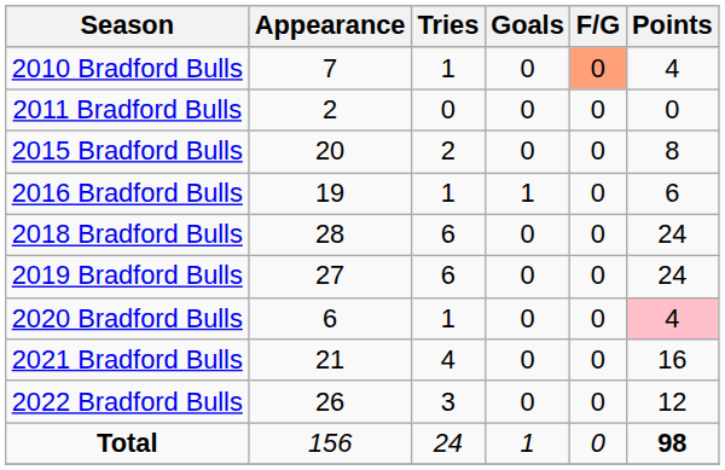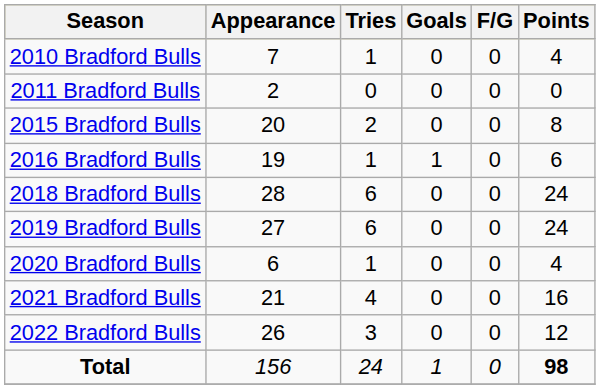 <table class="wikitable" style="text-align:center;">
 <tr bgcolor=#bdb76b>
 <th>Season</th>
 <th>Appearance</th>
 <th>Tries</th>
 <th>Goals</th>
 <th>F/G</th>
 <th>Points</th>
 </tr>
 <tr>
 <td><a href='#'>2010 Bradford Bulls</a></td>
 <td>7</td>
 <td>1</td>
 <td>0</td>
-<td style="background: lightsalmon;">0</td>
+<td>0</td>
 <td>4</td>
 </tr>
 <tr>
 <td><a href='#'>2011 Bradford Bulls</a></td>
 <td>2</td>
 <td>0</td>
 <td>0</td>
 <td>0</td>
 <td>0</td>
 </tr>
 <tr>
 <td><a href='#'>2015 Bradford Bulls</a></td>
 <td>20</td>
 <td>2</td>
 <td>0</td>
 <td>0</td>
 <td>8</td>
 </tr>
 <tr>
 <td><a href='#'>2016 Bradford Bulls</a></td>
 <td>19</td>
 <td>1</td>
 <td>1</td>
 <td>0</td>
 <td>6</td>
 </tr>
 <tr>
 <td><a href='#'>2018 Bradford Bulls</a></td>
 <td>28</td>
 <td>6</td>
 <td>0</td>
 <td>0</td>
 <td>24</td>
 </tr>
 <tr>
 <td><a href='#'>2019 Bradford Bulls</a></td>
 <td>27</td>
 <td>6</td>
 <td>0</td>
 <td>0</td>
 <td>24</td>
 </tr>
 <tr>
 <td><a href='#'>2020 Bradford Bulls</a></td>
 <td>6</td>
 <td>1</td>
 <td>0</td>
 <td>0</td>
-<td style="background: pink;">4</td>
+<td>4</td>
 </tr>
 <tr>
 <td><a href='#'>2021 Bradford Bulls</a></td>
 <td>21</td>
 <td>4</td>
 <td>0</td>
 <td>0</td>
 <td>16</td>
 </tr>
 <tr>
 <td><a href='#'>2022 Bradford Bulls</a></td>
 <td>26</td>
 <td>3</td>
 <td>0</td>
 <td>0</td>
 <td>12</td>
 </tr>
 <tr>
 <td><strong>Total</strong></td>
 <td><em>156</em></td>
 <td><em>24</em></td>
 <td><em>1</em></td>
 <td><em>0</em></td>
 <td><strong>98</strong></td>
 </tr>
 <tr>
 </tr>
 </table>
